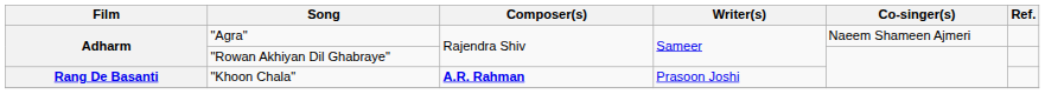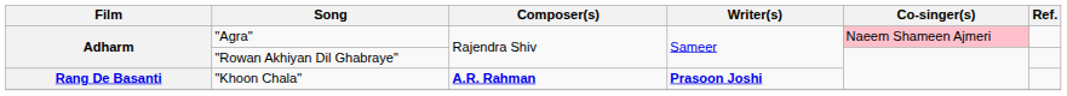 <table class="wikitable plainrowheaders" width="100%" "textcolor:#000;">
 <tr>
 <th scope="col" width=20%><strong>Film</strong></th>
 <th scope="col" width=23%><strong>Song</strong></th>
 <th scope="col" width=21%><strong>Composer(s)</strong></th>
 <th scope="col" width=17%><strong>Writer(s)</strong></th>
 <th scope="col" width=18%><strong>Co-singer(s)</strong></th>
 <th scope="col" width=1%><strong>Ref.</strong></th>
 </tr>
 <tr>
 <th scope="row" rowspan="2"><strong>Adharm</strong></th>
 <td>"Agra"</td>
 <td rowspan="2">Rajendra Shiv</td>
 <td rowspan="2"><a href='#'>Sameer</a></td>
-<td>Naeem Shameen Ajmeri</td>
+<td style="background: pink;">Naeem Shameen Ajmeri</td>
 <td></td>
 </tr>
 <tr>
 <td>"Rowan Akhiyan Dil Ghabraye"</td>
 <td rowspan="2"></td>
 <td></td>
 </tr>
 <tr>
 <th scope="row"><strong><a href='#'>Rang De Basanti</a></strong></th>
 <td>"Khoon Chala"</td>
 <td><strong><a href='#'>A.R. Rahman</a></strong></td>
-<td><a href='#'>Prasoon Joshi</a></td>
+<td><strong><a href='#'>Prasoon Joshi</a></strong></td>
 <td></td>
 </tr>
 <tr>
 </tr>
 </table>
